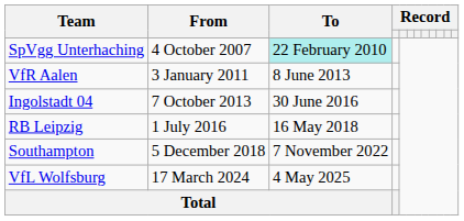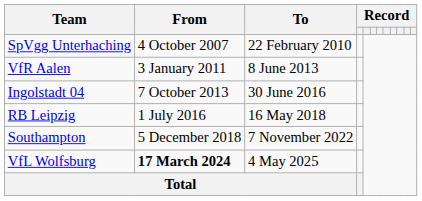 <table class=wikitable style="text-align:center">
 <tr>
 <th rowspan="2">Team</th>
 <th rowspan="2">From</th>
 <th rowspan="2">To</th>
 <th colspan="9">Record</th>
 </tr>
 <tr>
 <th></th>
 <th></th>
 <th></th>
 <th></th>
 <th></th>
 <th></th>
 <th></th>
 <th></th>
 <th></th>
 </tr>
 <tr>
 <td align=left><a href='#'>SpVgg Unterhaching</a></td>
 <td align=left>4 October 2007</td>
-<td align=left style="background: paleturquoise;">22 February 2010<br></td>
+<td align=left>22 February 2010<br></td>
 <td></td>
 </tr>
 <tr>
 <td align=left><a href='#'>VfR Aalen</a></td>
 <td align=left>3 January 2011</td>
 <td align=left>8 June 2013<br></td>
 <td></td>
 </tr>
 <tr>
 <td align=left><a href='#'>Ingolstadt 04</a></td>
 <td align=left>7 October 2013</td>
 <td align=left>30 June 2016<br></td>
 <td></td>
 </tr>
 <tr>
 <td align=left><a href='#'>RB Leipzig</a></td>
 <td align=left>1 July 2016</td>
 <td align=left>16 May 2018<br></td>
 <td></td>
 </tr>
 <tr>
 <td align=left><a href='#'>Southampton</a></td>
 <td align=left>5 December 2018</td>
 <td align=left>7 November 2022<br></td>
 <td></td>
 </tr>
 <tr>
 <td align=left><a href='#'>VfL Wolfsburg</a></td>
-<td align=left>17 March 2024</td>
+<td align=left><strong>17 March 2024</strong></td>
 <td align=left>4 May 2025<br></td>
 <td></td>
 </tr>
 <tr>
 <th colspan="3">Total<br></th>
 <th></th>
 </tr>
 </table>
